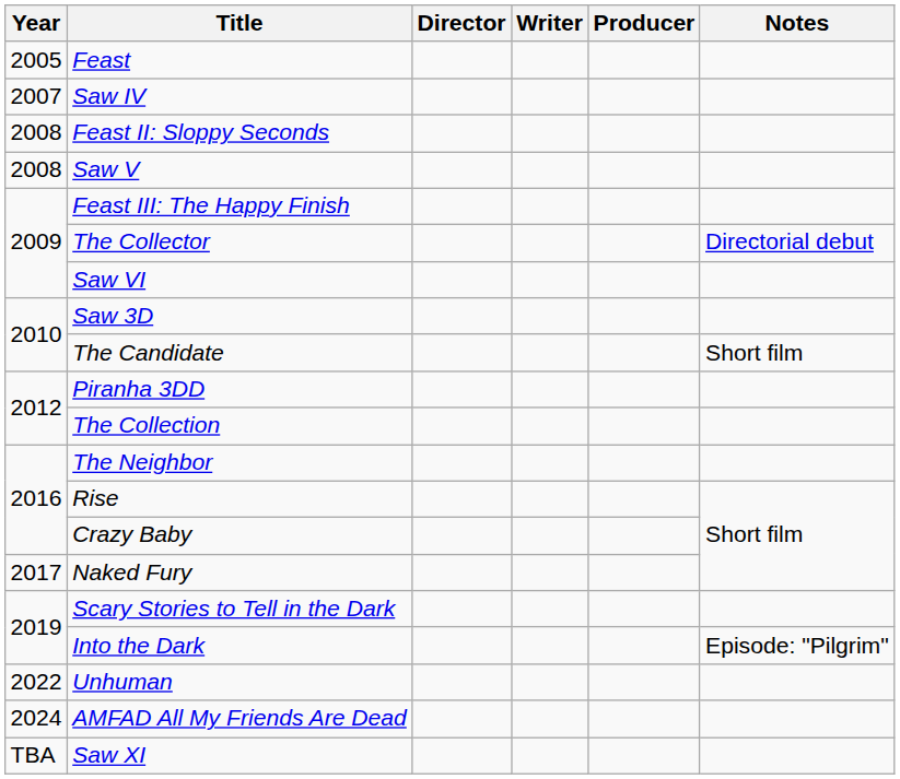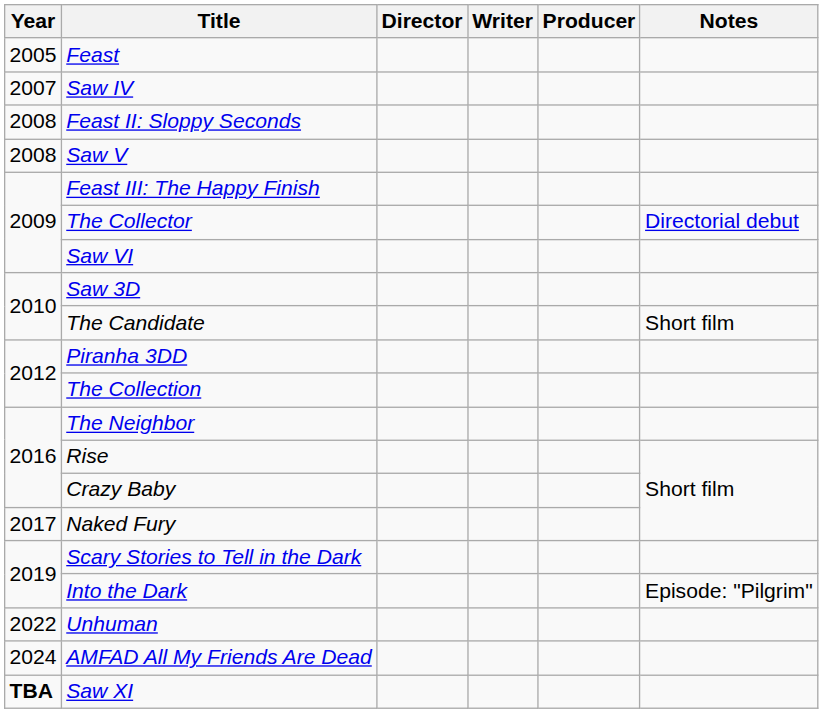 <table class="wikitable">
 <tr>
 <th>Year</th>
 <th>Title</th>
 <th>Director</th>
 <th>Writer</th>
 <th>Producer</th>
 <th>Notes</th>
 </tr>
 <tr>
 <td>2005</td>
 <td><em><a href='#'>Feast</a></em></td>
 <td></td>
 <td></td>
 <td></td>
 <td></td>
 </tr>
 <tr>
 <td>2007</td>
 <td><em><a href='#'>Saw IV</a></em></td>
 <td></td>
 <td></td>
 <td></td>
 <td></td>
 </tr>
 <tr>
 <td>2008</td>
 <td><em><a href='#'>Feast II: Sloppy Seconds</a></em></td>
 <td></td>
 <td></td>
 <td></td>
 <td></td>
 </tr>
 <tr>
 <td>2008</td>
 <td><em><a href='#'>Saw V</a></em></td>
 <td></td>
 <td></td>
 <td></td>
 <td></td>
 </tr>
 <tr>
 <td rowspan="3">2009</td>
 <td><em><a href='#'>Feast III: The Happy Finish</a></em></td>
 <td></td>
 <td></td>
 <td></td>
 <td></td>
 </tr>
 <tr>
 <td><em><a href='#'>The Collector</a></em></td>
 <td></td>
 <td></td>
 <td></td>
 <td><a href='#'>Directorial debut</a></td>
 </tr>
 <tr>
 <td><em><a href='#'>Saw VI</a></em></td>
 <td></td>
 <td></td>
 <td></td>
 <td></td>
 </tr>
 <tr>
 <td rowspan="2">2010</td>
 <td><em><a href='#'>Saw 3D</a></em></td>
 <td></td>
 <td></td>
 <td></td>
 <td></td>
 </tr>
 <tr>
 <td><em>The Candidate</em></td>
 <td></td>
 <td></td>
 <td></td>
 <td>Short film</td>
 </tr>
 <tr>
 <td rowspan="2">2012</td>
 <td><em><a href='#'>Piranha 3DD</a></em></td>
 <td></td>
 <td></td>
 <td></td>
 <td></td>
 </tr>
 <tr>
 <td><em><a href='#'>The Collection</a></em></td>
 <td></td>
 <td></td>
 <td></td>
 <td></td>
 </tr>
 <tr>
 <td rowspan="3">2016</td>
 <td><em><a href='#'>The Neighbor</a></em></td>
 <td></td>
 <td></td>
 <td></td>
 <td></td>
 </tr>
 <tr>
 <td><em>Rise</em></td>
 <td></td>
 <td></td>
 <td></td>
 <td rowspan="3">Short film</td>
 </tr>
 <tr>
 <td><em>Crazy Baby</em></td>
 <td></td>
 <td></td>
 <td></td>
 </tr>
 <tr>
 <td>2017</td>
 <td><em>Naked Fury</em></td>
 <td></td>
 <td></td>
 <td></td>
 </tr>
 <tr>
 <td rowspan="2">2019</td>
 <td><em><a href='#'>Scary Stories to Tell in the Dark</a></em></td>
 <td></td>
 <td></td>
 <td></td>
 <td></td>
 </tr>
 <tr>
 <td><em><a href='#'>Into the Dark</a></em></td>
 <td></td>
 <td></td>
 <td></td>
 <td>Episode: "Pilgrim"</td>
 </tr>
 <tr>
 <td>2022</td>
 <td><em><a href='#'>Unhuman</a></em></td>
 <td></td>
 <td></td>
 <td></td>
 <td></td>
 </tr>
 <tr>
 <td>2024</td>
 <td><em><a href='#'>AMFAD All My Friends Are Dead</a></em></td>
 <td></td>
 <td></td>
 <td></td>
 <td></td>
 </tr>
 <tr>
-<td>TBA</td>
+<td><strong>TBA</strong></td>
 <td><em><a href='#'>Saw XI</a></em></td>
 <td></td>
 <td></td>
 <td></td>
 <td></td>
 </tr>
 </table>
